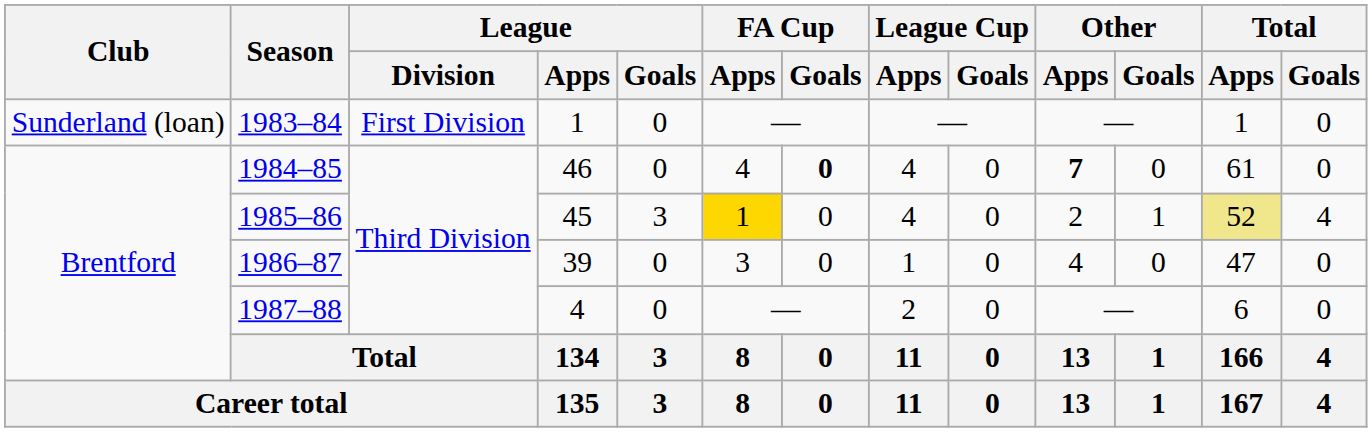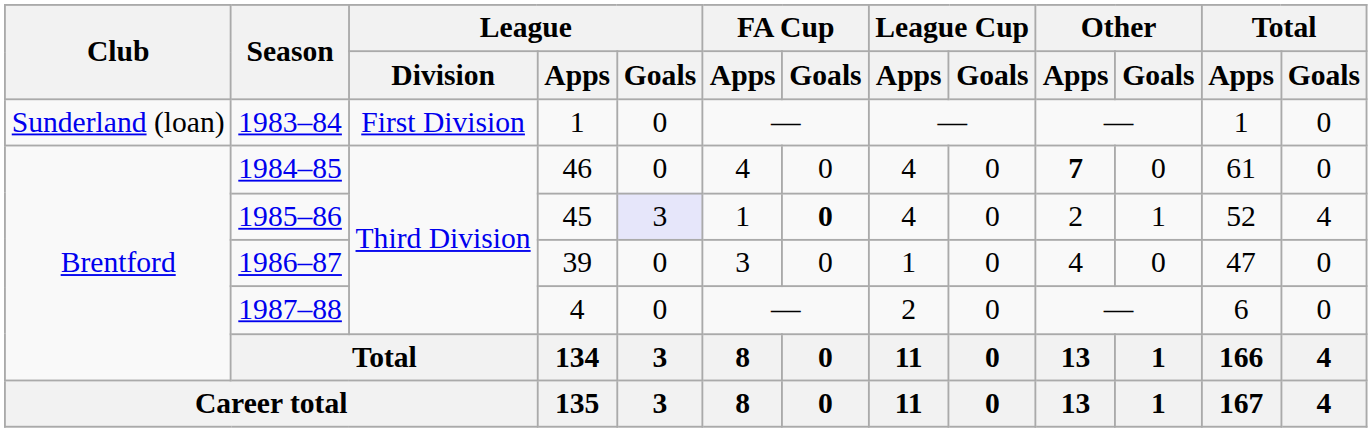 <table class="wikitable" style="text-align: center;">
 <tr>
 <th rowspan="2">Club</th>
 <th rowspan="2">Season</th>
 <th colspan="3">League</th>
 <th colspan="2">FA Cup</th>
 <th colspan="2">League Cup</th>
 <th colspan="2">Other</th>
 <th colspan="2">Total</th>
 </tr>
 <tr>
 <th>Division</th>
 <th>Apps</th>
 <th>Goals</th>
 <th>Apps</th>
 <th>Goals</th>
 <th>Apps</th>
 <th>Goals</th>
 <th>Apps</th>
 <th>Goals</th>
 <th>Apps</th>
 <th>Goals</th>
 </tr>
 <tr>
 <td><a href='#'>Sunderland</a> (loan)</td>
 <td><a href='#'>1983–84</a></td>
 <td><a href='#'>First Division</a></td>
 <td>1</td>
 <td>0</td>
 <td colspan="2">—</td>
 <td colspan="2">—</td>
 <td colspan="2">—</td>
 <td>1</td>
 <td>0</td>
 </tr>
 <tr>
 <td rowspan="5"><a href='#'>Brentford</a></td>
 <td><a href='#'>1984–85</a></td>
 <td rowspan="4"><a href='#'>Third Division</a></td>
 <td>46</td>
 <td>0</td>
 <td>4</td>
-<td><strong>0</strong></td>
+<td>0</td>
 <td>4</td>
 <td>0</td>
 <td><strong>7</strong></td>
 <td>0</td>
 <td>61</td>
 <td>0</td>
 </tr>
 <tr>
 <td><a href='#'>1985–86</a></td>
 <td>45</td>
-<td>3</td>
-<td style="background: gold;">1</td>
-<td>0</td>
+<td style="background: lavender;">3</td>
+<td>1</td>
+<td><strong>0</strong></td>
 <td>4</td>
 <td>0</td>
 <td>2</td>
 <td>1</td>
-<td style="background: khaki;">52</td>
+<td>52</td>
 <td>4</td>
 </tr>
 <tr>
 <td><a href='#'>1986–87</a></td>
 <td>39</td>
 <td>0</td>
 <td>3</td>
 <td>0</td>
 <td>1</td>
 <td>0</td>
 <td>4</td>
 <td>0</td>
 <td>47</td>
 <td>0</td>
 </tr>
 <tr>
 <td><a href='#'>1987–88</a></td>
 <td>4</td>
 <td>0</td>
 <td colspan="2">—</td>
 <td>2</td>
 <td>0</td>
 <td colspan="2">—</td>
 <td>6</td>
 <td>0</td>
 </tr>
 <tr>
 <th colspan="2">Total</th>
 <th>134</th>
 <th>3</th>
 <th>8</th>
 <th>0</th>
 <th>11</th>
 <th>0</th>
 <th>13</th>
 <th>1</th>
 <th>166</th>
 <th>4</th>
 </tr>
 <tr>
 <th colspan="3">Career total</th>
 <th>135</th>
 <th>3</th>
 <th>8</th>
 <th>0</th>
 <th>11</th>
 <th>0</th>
 <th>13</th>
 <th>1</th>
 <th>167</th>
 <th>4</th>
 </tr>
 </table>
